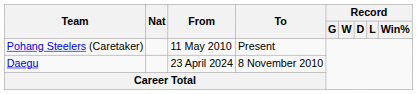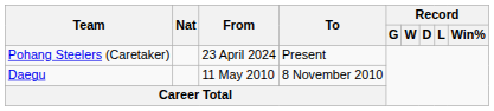 <table class="wikitable" style="text-align: center">
 <tr>
 <th rowspan=2>Team</th>
 <th rowspan=2>Nat</th>
 <th rowspan=2>From</th>
 <th rowspan=2>To</th>
 <th colspan=5>Record</th>
 </tr>
 <tr>
 <th>G</th>
 <th>W</th>
 <th>D</th>
 <th>L</th>
 <th>Win%</th>
 </tr>
 <tr>
 <td align="left"><a href='#'>Pohang Steelers</a> (Caretaker)</td>
 <td></td>
-<td align="left">11 May 2010</td>
+<td align="left">23 April 2024</td>
 <td align="left">Present<br></td>
 </tr>
 <tr>
 <td align="left"><a href='#'>Daegu</a></td>
 <td></td>
-<td align="left">23 April 2024</td>
+<td align="left">11 May 2010</td>
 <td align="left">8 November 2010<br></td>
 </tr>
 <tr>
 <th colspan="4">Career Total<br></th>
 </tr>
 </table>
